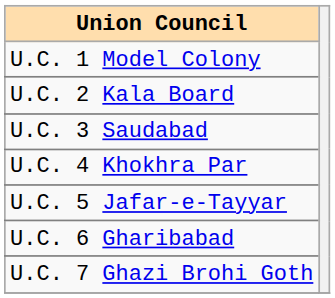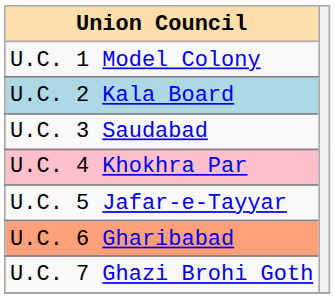 <table class="sortable wikitable" align="left">
 <tr>
 <th style="background:#ffdead;"><strong>Union Council</strong></th>
 <th rowspan=8 style="border-bottom:1px solid grey;" valign="top" class="unsortable"><br><br></th>
 </tr>
 <tr>
 <td style="border-bottom:1px solid grey;">U.C. 1 <a href='#'>Model Colony</a></td>
 </tr>
 <tr>
-<td style="border-bottom:1px solid grey;">U.C. 2 <a href='#'>Kala Board</a></td>
+<td style="background: lightblue; border-bottom:1px solid grey;">U.C. 2 <a href='#'>Kala Board</a></td>
 </tr>
 <tr>
 <td style="border-bottom:1px solid grey;">U.C. 3 <a href='#'>Saudabad</a></td>
 </tr>
 <tr>
-<td style="border-bottom:1px solid grey;">U.C. 4 <a href='#'>Khokhra Par</a></td>
+<td style="background: pink; border-bottom:1px solid grey;">U.C. 4 <a href='#'>Khokhra Par</a></td>
 </tr>
 <tr>
 <td style="border-bottom:1px solid grey;">U.C. 5 <a href='#'>Jafar-e-Tayyar</a></td>
 </tr>
 <tr>
-<td style="border-bottom:1px solid grey;">U.C. 6 <a href='#'>Gharibabad</a></td>
+<td style="background: lightsalmon; border-bottom:1px solid grey;">U.C. 6 <a href='#'>Gharibabad</a></td>
 </tr>
 <tr>
 <td style="border-bottom:1px solid grey;">U.C. 7 <a href='#'>Ghazi Brohi Goth</a></td>
 </tr>
 <tr>
 </tr>
 </table>
